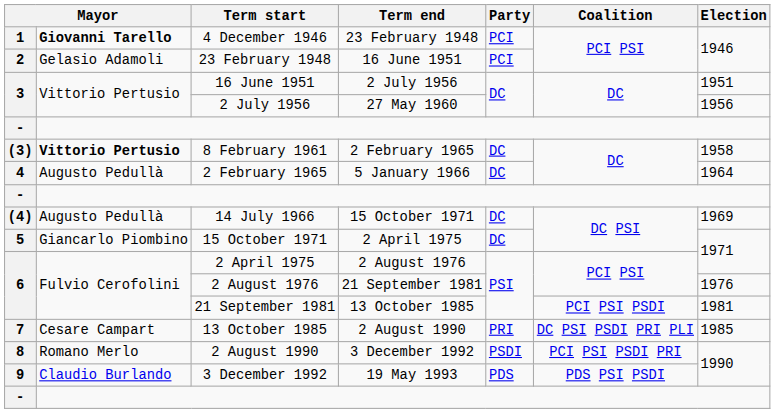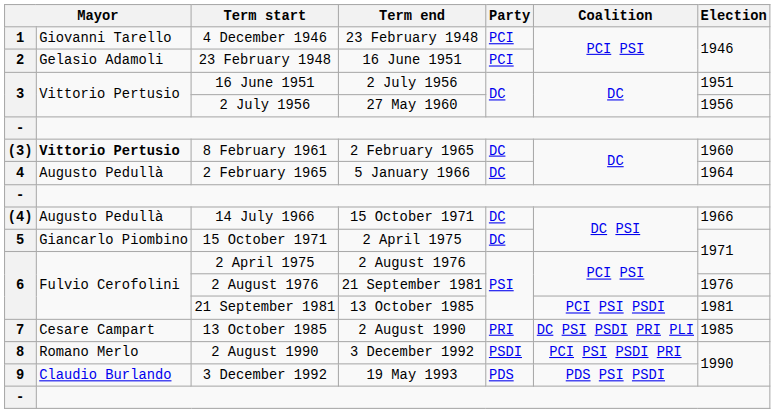 <table class="wikitable">
 <tr>
 <th colspan="2" class="unsortable">Mayor</th>
 <th>Term start</th>
 <th>Term end</th>
 <th>Party</th>
 <th>Coalition</th>
 <th>Election</th>
 </tr>
 <tr>
 <th style="background:">1</th>
-<td><strong>Giovanni Tarello</strong></td>
+<td>Giovanni Tarello</td>
 <td align=center>4 December 1946</td>
 <td align=center>23 February 1948</td>
 <td><a href='#'>PCI</a></td>
 <td rowspan=2 align=center><a href='#'>PCI</a>  <a href='#'>PSI</a></td>
 <td rowspan="2">1946</td>
 </tr>
 <tr>
 <th style="background:">2</th>
 <td>Gelasio Adamoli</td>
 <td align=center>23 February 1948</td>
 <td align=center>16 June 1951</td>
 <td><a href='#'>PCI</a></td>
 </tr>
 <tr>
 <th rowspan=2 style="background:">3</th>
 <td rowspan=2>Vittorio Pertusio</td>
 <td align=center>16 June 1951</td>
 <td align=center>2 July 1956</td>
 <td rowspan=2><a href='#'>DC</a></td>
 <td rowspan=2 align=center><a href='#'>DC</a></td>
 <td>1951</td>
 </tr>
 <tr>
 <td align=center>2 July 1956</td>
 <td align=center>27 May 1960</td>
 <td>1956</td>
 </tr>
 <tr>
 <th style="background:; color:black">-</th>
 <td colspan="6"></td>
 </tr>
 <tr>
 <th style="background:">(3)</th>
 <td><strong>Vittorio Pertusio</strong></td>
 <td align=center>8 February 1961</td>
 <td align=center>2 February 1965</td>
 <td><a href='#'>DC</a></td>
 <td rowspan=2 align=center><a href='#'>DC</a></td>
-<td>1958</td>
+<td>1960</td>
 </tr>
 <tr>
 <th style="background:">4</th>
 <td>Augusto Pedullà</td>
 <td align=center>2 February 1965</td>
 <td align=center>5 January 1966</td>
 <td><a href='#'>DC</a></td>
 <td>1964</td>
 </tr>
 <tr>
 <th style="background:; color:black">-</th>
 <td colspan="6"></td>
 </tr>
 <tr>
 <th style="background:">(4)</th>
 <td>Augusto Pedullà</td>
 <td align=center>14 July 1966</td>
 <td align=center>15 October 1971</td>
 <td><a href='#'>DC</a></td>
 <td rowspan=2 align=center><a href='#'>DC</a>  <a href='#'>PSI</a></td>
-<td>1969</td>
+<td>1966</td>
 </tr>
 <tr>
 <th style="background:">5</th>
 <td>Giancarlo Piombino</td>
 <td align=center>15 October 1971</td>
 <td align=center>2 April 1975</td>
 <td><a href='#'>DC</a></td>
 <td rowspan=2>1971</td>
 </tr>
 <tr>
 <th rowspan=3 style="background:">6</th>
 <td rowspan=3>Fulvio Cerofolini</td>
 <td align=center>2 April 1975</td>
 <td align=center>2 August 1976</td>
 <td rowspan=3><a href='#'>PSI</a></td>
 <td rowspan=2 align=center><a href='#'>PCI</a>  <a href='#'>PSI</a></td>
 </tr>
 <tr>
 <td align=center>2 August 1976</td>
 <td align=center>21 September 1981</td>
 <td>1976</td>
 </tr>
 <tr>
 <td align=center>21 September 1981</td>
 <td align=center>13 October 1985</td>
 <td align=center><a href='#'>PCI</a>  <a href='#'>PSI</a>  <a href='#'>PSDI</a></td>
 <td>1981</td>
 </tr>
 <tr>
 <th style="background:">7</th>
 <td>Cesare Campart</td>
 <td align=center>13 October 1985</td>
 <td align=center>2 August 1990</td>
 <td><a href='#'>PRI</a></td>
 <td align=center><a href='#'>DC</a>  <a href='#'>PSI</a>  <a href='#'>PSDI</a>  <a href='#'>PRI</a>  <a href='#'>PLI</a></td>
 <td>1985</td>
 </tr>
 <tr>
 <th style="background:">8</th>
 <td>Romano Merlo</td>
 <td align=center>2 August 1990</td>
 <td align=center>3 December 1992</td>
 <td><a href='#'>PSDI</a></td>
 <td align=center><a href='#'>PCI</a>  <a href='#'>PSI</a>  <a href='#'>PSDI</a>  <a href='#'>PRI</a></td>
 <td rowspan="2">1990</td>
 </tr>
 <tr>
 <th style="background:">9</th>
 <td><a href='#'>Claudio Burlando</a></td>
 <td align=center>3 December 1992</td>
 <td align=center>19 May 1993</td>
 <td><a href='#'>PDS</a></td>
 <td align=center><a href='#'>PDS</a>  <a href='#'>PSI</a>  <a href='#'>PSDI</a></td>
 </tr>
 <tr>
 <th style="background:; color:black">-</th>
 <td colspan="6"></td>
 </tr>
 </table>
